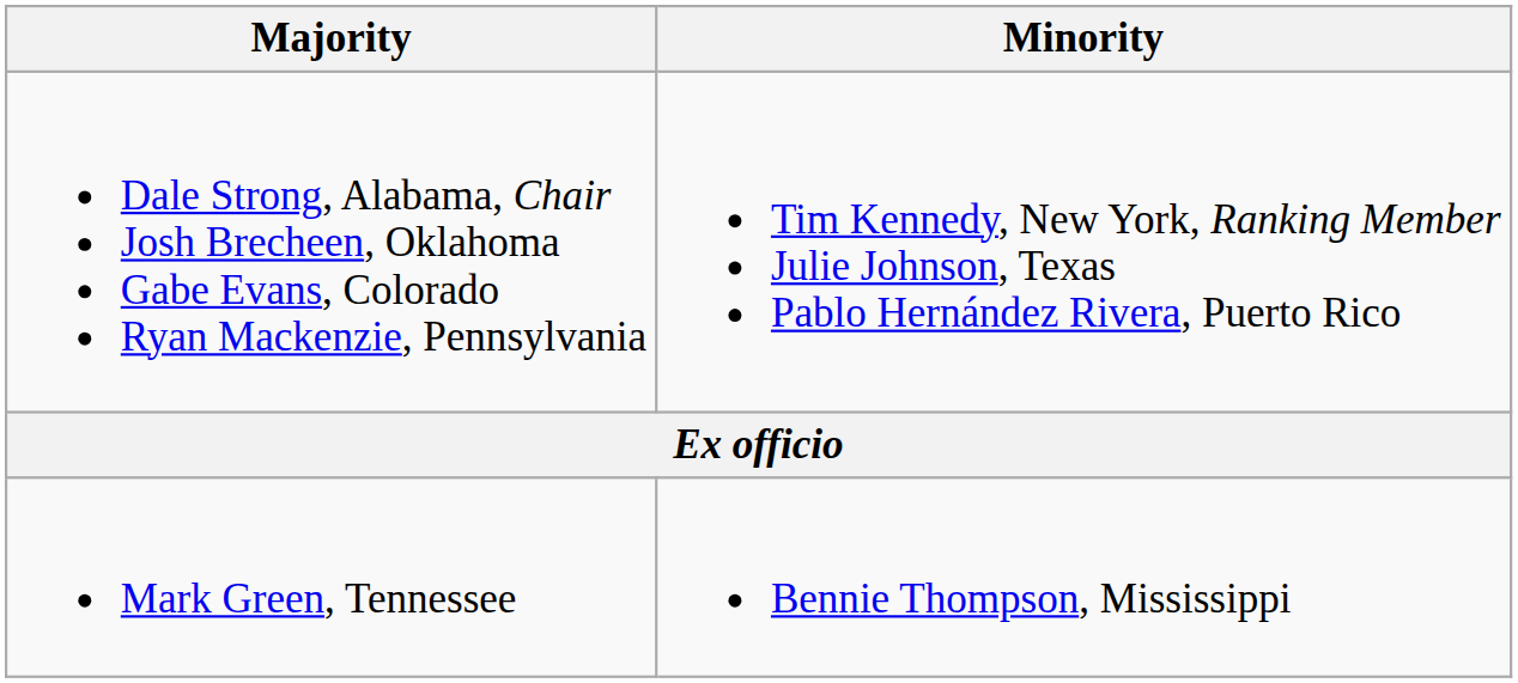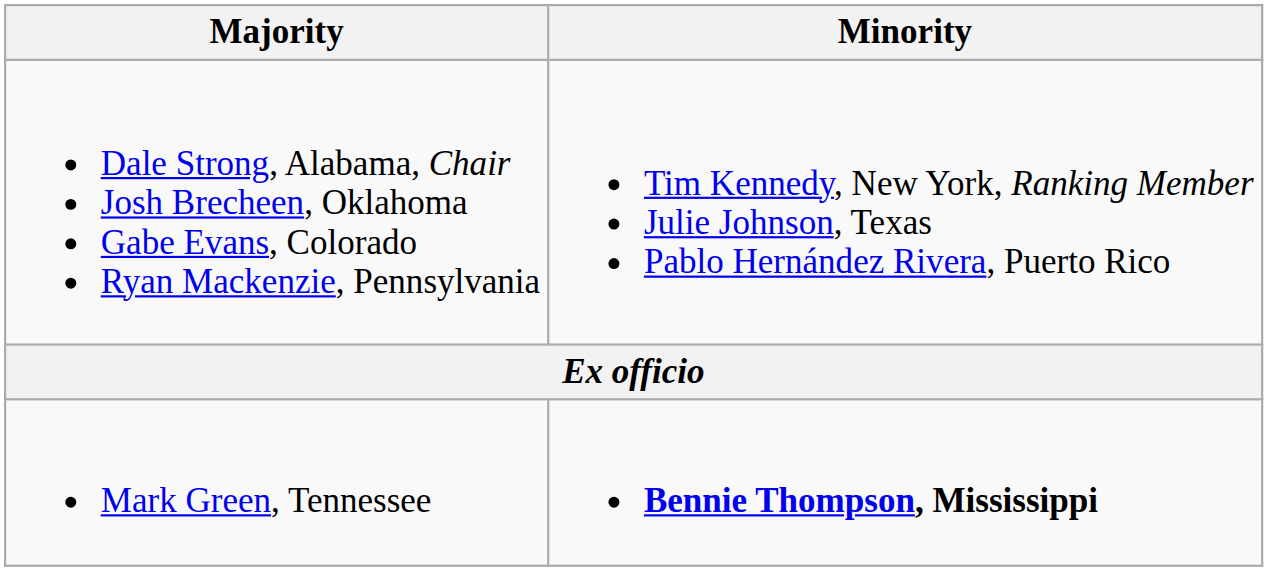 <table class=wikitable>
 <tr>
 <th>Majority</th>
 <th>Minority</th>
 </tr>
 <tr>
 <td><br><ul><li><a href='#'>Dale Strong</a>, Alabama, <em>Chair</em></li><li><a href='#'>Josh Brecheen</a>, Oklahoma</li><li><a href='#'>Gabe Evans</a>, Colorado</li><li><a href='#'>Ryan Mackenzie</a>, Pennsylvania</li></ul></td>
 <td><br><ul><li><a href='#'>Tim Kennedy</a>, New York, <em>Ranking Member</em></li><li><a href='#'>Julie Johnson</a>, Texas</li><li><a href='#'>Pablo Hernández Rivera</a>, Puerto Rico</li></ul></td>
 </tr>
 <tr>
 <th colspan=2><em>Ex officio</em></th>
 </tr>
 <tr>
 <td><br><ul><li><a href='#'>Mark Green</a>, Tennessee</li></ul></td>
-<td><br><ul><li><a href='#'>Bennie Thompson</a>, Mississippi</li></ul></td>
+<td><strong><br><ul><li><a href='#'>Bennie Thompson</a>, Mississippi</li></ul></strong></td>
 </tr>
 </table>
